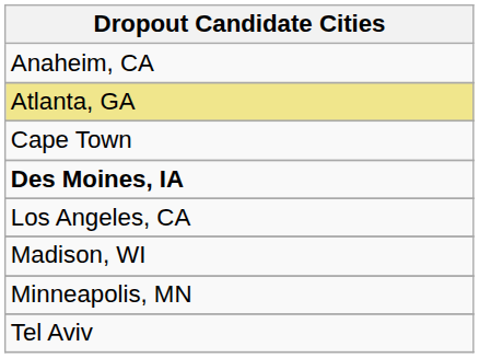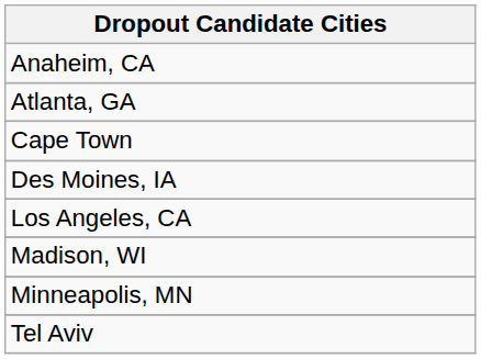 <table class="wikitable" style="width:35%">
 <tr>
 <th>Dropout Candidate Cities</th>
 </tr>
 <tr>
 <td> Anaheim, CA</td>
 </tr>
 <tr bgcolor="#EFEFEF">
 </tr>
 <tr>
-<td style="background: khaki;"> Atlanta, GA</td>
+<td> Atlanta, GA</td>
 </tr>
 <tr bgcolor="#EFEFEF">
 </tr>
 <tr>
 <td> Cape Town</td>
 </tr>
 <tr bgcolor="#EFEFEF">
 </tr>
 <tr>
-<td><strong> Des Moines, IA</strong></td>
+<td> Des Moines, IA</td>
 </tr>
 <tr bgcolor="#EFEFEF">
 </tr>
 <tr>
 <td> Los Angeles, CA</td>
 </tr>
 <tr bgcolor="#EFEFEF">
 </tr>
 <tr>
 <td> Madison, WI</td>
 </tr>
 <tr bgcolor="#EFEFEF">
 </tr>
 <tr>
 <td> Minneapolis, MN</td>
 </tr>
 <tr bgcolor="#EFEFEF">
 </tr>
 <tr>
 </tr>
 <tr bgcolor="#EFEFEF">
 </tr>
 <tr>
 <td> Tel Aviv</td>
 </tr>
 <tr bgcolor="#EFEFEF">
 </tr>
 </table>
